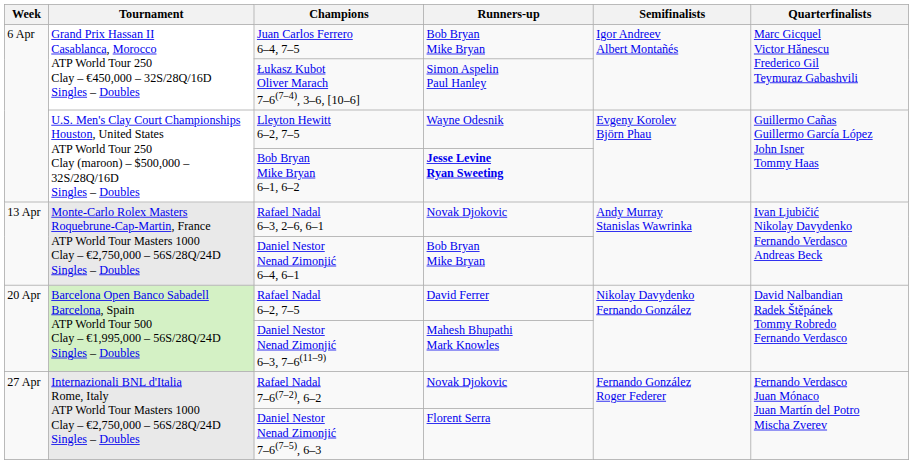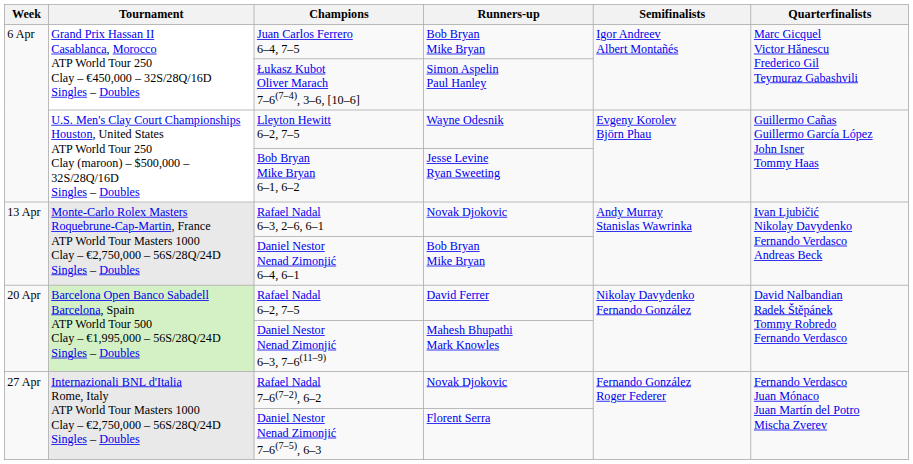 <table class=wikitable style=font-size:95%>
 <tr>
 <th style="width:48px;">Week</th>
 <th style="width:250px;">Tournament</th>
 <th style="width:205px;">Champions</th>
 <th style="width:205px;">Runners-up</th>
 <th style="width:190px;">Semifinalists</th>
 <th style="width:190px;">Quarterfinalists</th>
 </tr>
 <tr valign=top>
 <td rowspan=4>6 Apr</td>
 <td style="background:#ffffff;" rowspan=2><a href='#'>Grand Prix Hassan II</a><br> <a href='#'>Casablanca</a>, <a href='#'>Morocco</a><br>ATP World Tour 250<br>Clay – €450,000 – 32S/28Q/16D<br><a href='#'>Singles</a> – <a href='#'>Doubles</a></td>
 <td> <a href='#'>Juan Carlos Ferrero</a><br>6–4, 7–5</td>
 <td> <a href='#'>Bob Bryan</a><br> <a href='#'>Mike Bryan</a></td>
 <td rowspan=2> <a href='#'>Igor Andreev</a><br> <a href='#'>Albert Montañés</a></td>
 <td rowspan=2> <a href='#'>Marc Gicquel</a><br> <a href='#'>Victor Hănescu</a><br> <a href='#'>Frederico Gil</a><br> <a href='#'>Teymuraz Gabashvili</a></td>
 </tr>
 <tr valign=top>
 <td> <a href='#'>Łukasz Kubot</a><br> <a href='#'>Oliver Marach</a><br>7–6<sup>(7–4)</sup>, 3–6, [10–6]</td>
 <td> <a href='#'>Simon Aspelin</a><br> <a href='#'>Paul Hanley</a></td>
 </tr>
 <tr valign=top>
 <td style="background:#ffffff;" rowspan=2><a href='#'>U.S. Men's Clay Court Championships</a><br> <a href='#'>Houston</a>, United States<br>ATP World Tour 250<br>Clay (maroon) – $500,000 – 32S/28Q/16D<br><a href='#'>Singles</a> – <a href='#'>Doubles</a></td>
 <td> <a href='#'>Lleyton Hewitt</a><br>6–2, 7–5</td>
 <td> <a href='#'>Wayne Odesnik</a></td>
 <td rowspan=2> <a href='#'>Evgeny Korolev</a><br> <a href='#'>Björn Phau</a></td>
 <td rowspan=2> <a href='#'>Guillermo Cañas</a> <br> <a href='#'>Guillermo García López</a> <br> <a href='#'>John Isner</a><br> <a href='#'>Tommy Haas</a></td>
 </tr>
 <tr valign=top>
 <td> <a href='#'>Bob Bryan</a><br> <a href='#'>Mike Bryan</a><br>6–1, 6–2</td>
-<td><strong> <a href='#'>Jesse Levine</a><br> <a href='#'>Ryan Sweeting</a></strong></td>
+<td> <a href='#'>Jesse Levine</a><br> <a href='#'>Ryan Sweeting</a></td>
 </tr>
 <tr valign=top>
 <td rowspan=2>13 Apr</td>
 <td style="background:#e9e9e9;"rowspan=2><a href='#'>Monte-Carlo Rolex Masters</a><br> <a href='#'>Roquebrune-Cap-Martin</a>, France<br>ATP World Tour Masters 1000<br>Clay – €2,750,000 – 56S/28Q/24D<br><a href='#'>Singles</a> – <a href='#'>Doubles</a></td>
 <td> <a href='#'>Rafael Nadal</a><br>6–3, 2–6, 6–1</td>
 <td> <a href='#'>Novak Djokovic</a></td>
 <td rowspan=2> <a href='#'>Andy Murray</a><br>  <a href='#'>Stanislas Wawrinka</a></td>
 <td rowspan=2> <a href='#'>Ivan Ljubičić</a><br> <a href='#'>Nikolay Davydenko</a><br> <a href='#'>Fernando Verdasco</a><br> <a href='#'>Andreas Beck</a></td>
 </tr>
 <tr valign=top>
 <td> <a href='#'>Daniel Nestor</a><br> <a href='#'>Nenad Zimonjić</a><br>6–4, 6–1</td>
 <td> <a href='#'>Bob Bryan</a><br> <a href='#'>Mike Bryan</a></td>
 </tr>
 <tr valign=top>
 <td rowspan=2>20 Apr</td>
 <td style="background:#d4f1c5;" rowspan=2><a href='#'>Barcelona Open Banco Sabadell</a><br> <a href='#'>Barcelona</a>, Spain<br>ATP World Tour 500<br>Clay – €1,995,000 – 56S/28Q/24D<br><a href='#'>Singles</a> – <a href='#'>Doubles</a></td>
 <td> <a href='#'>Rafael Nadal</a><br>6–2, 7–5</td>
 <td> <a href='#'>David Ferrer</a></td>
 <td rowspan=2> <a href='#'>Nikolay Davydenko</a><br> <a href='#'>Fernando González</a></td>
 <td rowspan=2> <a href='#'>David Nalbandian</a><br> <a href='#'>Radek Štěpánek</a><br> <a href='#'>Tommy Robredo</a><br> <a href='#'>Fernando Verdasco</a></td>
 </tr>
 <tr valign=top>
 <td> <a href='#'>Daniel Nestor</a><br> <a href='#'>Nenad Zimonjić</a><br>6–3, 7–6<sup>(11–9)</sup></td>
 <td> <a href='#'>Mahesh Bhupathi</a><br> <a href='#'>Mark Knowles</a></td>
 </tr>
 <tr valign=top>
 <td rowspan=2>27 Apr</td>
 <td style="background:#e9e9e9;"rowspan=2><a href='#'>Internazionali BNL d'Italia</a><br> Rome, Italy<br>ATP World Tour Masters 1000<br>Clay – €2,750,000 – 56S/28Q/24D<br><a href='#'>Singles</a> – <a href='#'>Doubles</a></td>
 <td> <a href='#'>Rafael Nadal</a><br>7–6<sup>(7–2)</sup>, 6–2</td>
 <td> <a href='#'>Novak Djokovic</a></td>
 <td rowspan=2> <a href='#'>Fernando González</a><br>  <a href='#'>Roger Federer</a></td>
 <td rowspan=2> <a href='#'>Fernando Verdasco</a><br> <a href='#'>Juan Mónaco</a><br> <a href='#'>Juan Martín del Potro</a><br>  <a href='#'>Mischa Zverev</a></td>
 </tr>
 <tr valign=top>
 <td> <a href='#'>Daniel Nestor</a><br> <a href='#'>Nenad Zimonjić</a><br>7–6<sup>(7–5)</sup>, 6–3</td>
 <td> <a href='#'>Florent Serra</a></td>
 </tr>
 </table>
